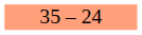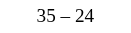 <table style="text-align:center">
 <tr>
 <th width=200></th>
 <th width=100></th>
 <th width=200></th>
 </tr>
 <tr>
 <td align=right><strong></strong></td>
-<td style="background: lightsalmon;">35 – 24</td>
+<td>35 – 24</td>
 <td align=left></td>
 </tr>
 </table>
